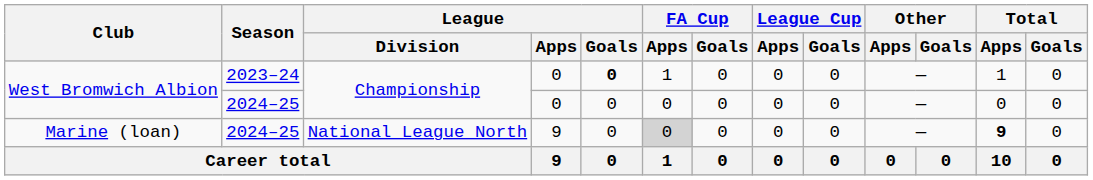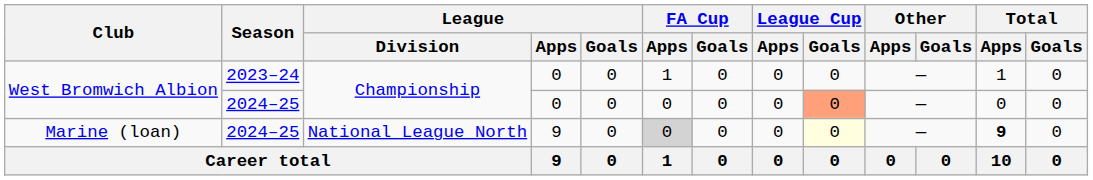 <table class="wikitable" style="text-align: center">
 <tr>
 <th rowspan="2">Club</th>
 <th rowspan="2">Season</th>
 <th colspan="3">League</th>
 <th colspan="2"><a href='#'>FA Cup</a></th>
 <th colspan="2"><a href='#'>League Cup</a></th>
 <th colspan="2">Other</th>
 <th colspan="2">Total</th>
 </tr>
 <tr>
 <th>Division</th>
 <th>Apps</th>
 <th>Goals</th>
 <th>Apps</th>
 <th>Goals</th>
 <th>Apps</th>
 <th>Goals</th>
 <th>Apps</th>
 <th>Goals</th>
 <th>Apps</th>
 <th>Goals</th>
 </tr>
 <tr>
 <td rowspan=2><a href='#'>West Bromwich Albion</a></td>
 <td><a href='#'>2023–24</a></td>
 <td rowspan=2><a href='#'>Championship</a></td>
 <td>0</td>
-<td><strong>0</strong></td>
+<td>0</td>
 <td>1</td>
 <td>0</td>
 <td>0</td>
 <td>0</td>
 <td colspan=2>—</td>
 <td>1</td>
 <td>0</td>
 </tr>
 <tr>
 <td><a href='#'>2024–25</a></td>
 <td>0</td>
 <td>0</td>
 <td>0</td>
 <td>0</td>
 <td>0</td>
-<td>0</td>
+<td style="background: lightsalmon;">0</td>
 <td colspan=2>—</td>
 <td>0</td>
 <td>0</td>
 </tr>
 <tr>
 <td><a href='#'>Marine</a> (loan)</td>
 <td><a href='#'>2024–25</a></td>
 <td><a href='#'>National League North</a></td>
 <td>9</td>
 <td>0</td>
 <td style="background: lightgrey;">0</td>
 <td>0</td>
 <td>0</td>
-<td>0</td>
+<td style="background: lightyellow;">0</td>
 <td colspan="2">—</td>
 <td><strong>9</strong></td>
 <td>0</td>
 </tr>
 <tr>
 <th colspan="3">Career total</th>
 <th>9</th>
 <th>0</th>
 <th>1</th>
 <th>0</th>
 <th>0</th>
 <th>0</th>
 <th>0</th>
 <th>0</th>
 <th>10</th>
 <th>0</th>
 </tr>
 </table>
